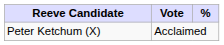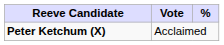 <table class="wikitable">
 <tr>
 <th style="background:#ddf; width:200px;">Reeve Candidate</th>
 <th style="background:#ddf; width:50px;">Vote</th>
 <th style="background:#ddf; width:30px;">%</th>
 </tr>
 <tr>
-<td>Peter Ketchum (X)</td>
+<td><strong>Peter Ketchum (X)</strong></td>
 <td colspan="2">Acclaimed</td>
 </tr>
 </table>
